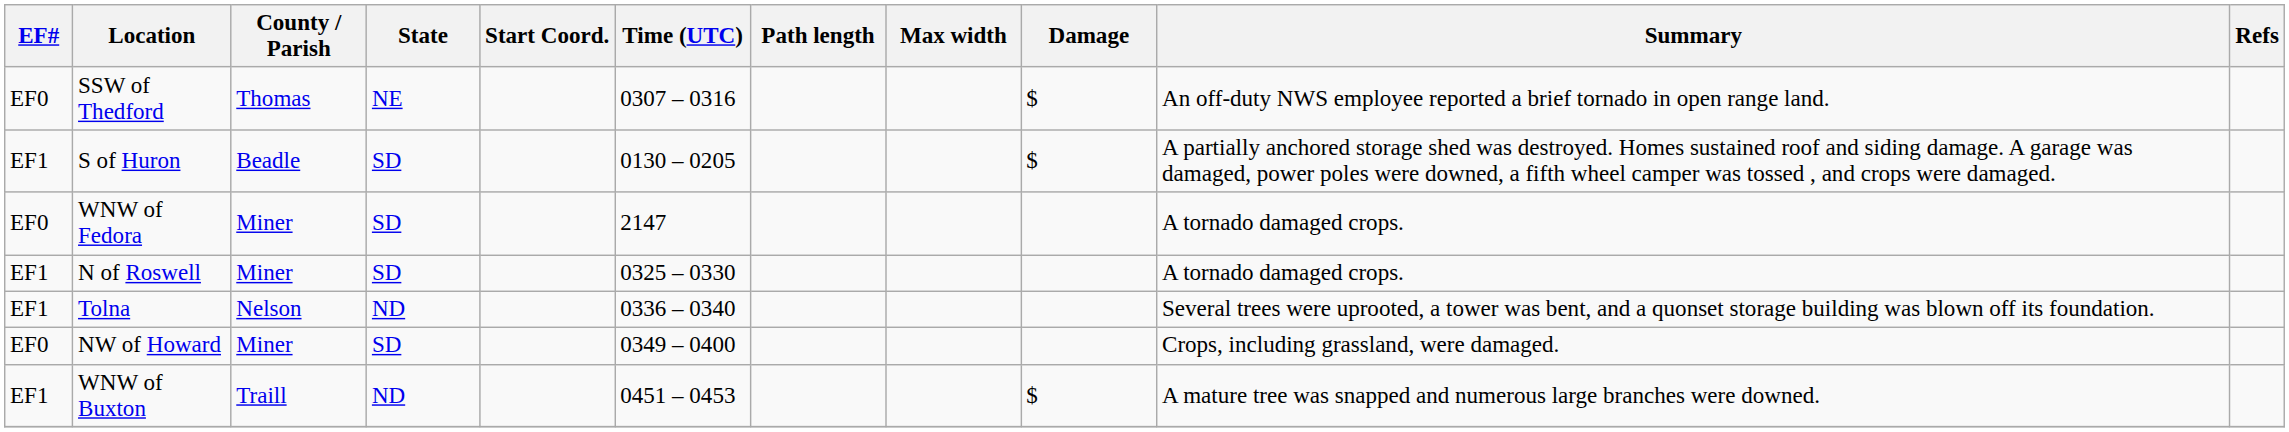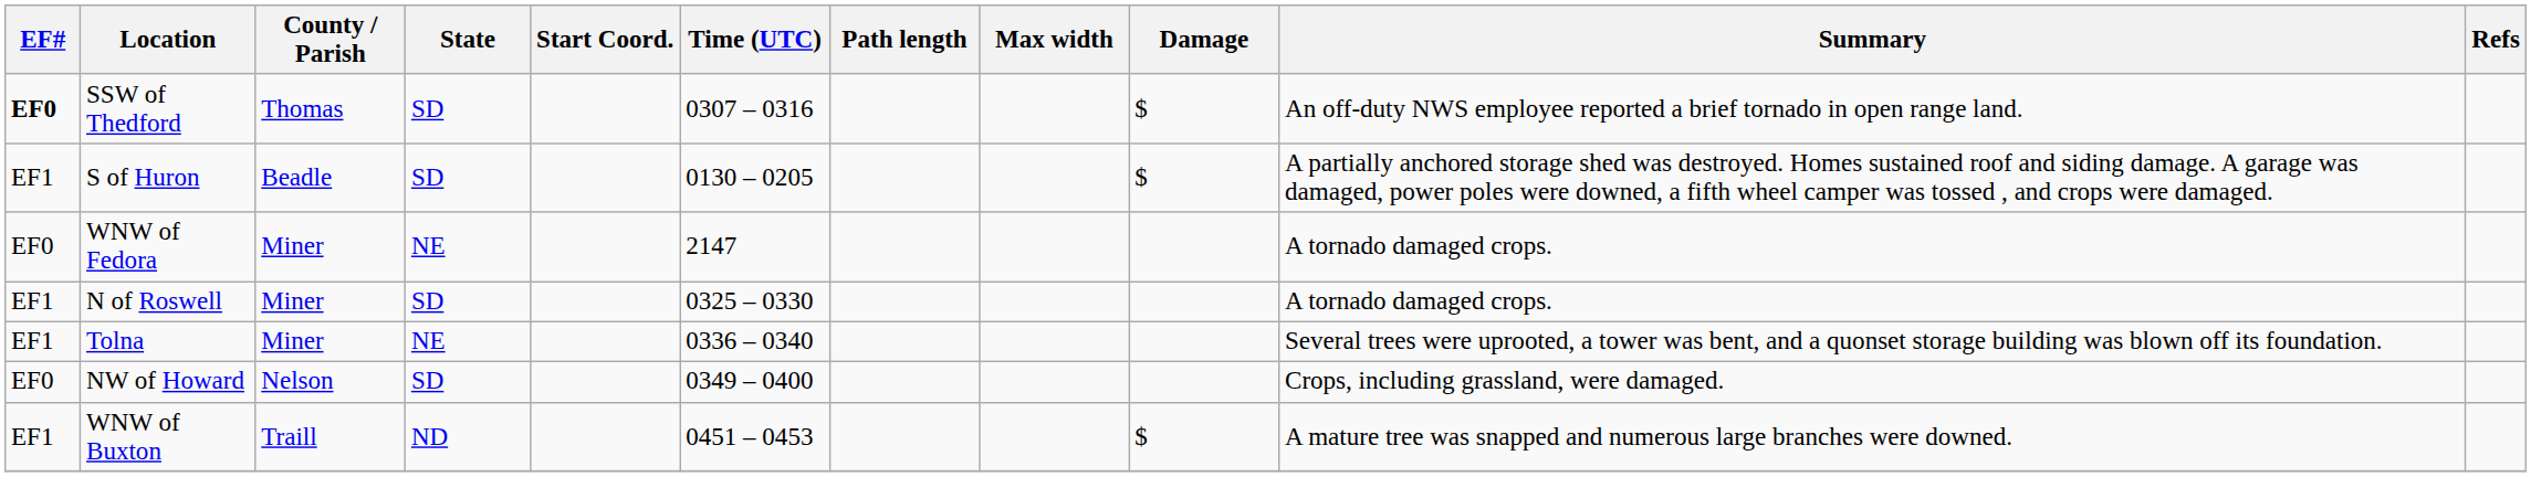 <table class="wikitable sortable" style="width:100%;">
 <tr>
 <th scope="col" width="3%" align="center"><a href='#'>EF#</a></th>
 <th scope="col" width="7%" align="center" class="unsortable">Location</th>
 <th scope="col" width="6%" align="center" class="unsortable">County / Parish</th>
 <th scope="col" width="5%" align="center">State</th>
 <th scope="col" width="6%" align="center">Start Coord.</th>
 <th scope="col" width="6%" align="center">Time (<a href='#'>UTC</a>)</th>
 <th scope="col" width="6%" align="center">Path length</th>
 <th scope="col" width="6%" align="center">Max width</th>
 <th scope="col" width="6%" align="center">Damage</th>
 <th scope="col" width="48%" class="unsortable" align="center">Summary</th>
 <th scope="col" width="48%" class="unsortable" align="center">Refs</th>
 </tr>
 <tr>
-<td>EF0</td>
+<td><strong>EF0</strong></td>
 <td>SSW of <a href='#'>Thedford</a></td>
 <td><a href='#'>Thomas</a></td>
-<td><a href='#'>NE</a></td>
+<td><a href='#'>SD</a></td>
 <td></td>
 <td>0307 – 0316</td>
 <td></td>
 <td></td>
 <td>$</td>
 <td>An off-duty NWS employee reported a brief tornado in open range land.</td>
 <td></td>
 </tr>
 <tr>
 <td>EF1</td>
 <td>S of <a href='#'>Huron</a></td>
 <td><a href='#'>Beadle</a></td>
 <td><a href='#'>SD</a></td>
 <td></td>
 <td>0130 – 0205</td>
 <td></td>
 <td></td>
 <td>$</td>
 <td>A partially anchored storage shed was destroyed. Homes sustained roof and siding damage. A garage was damaged, power poles were downed, a fifth wheel camper was tossed , and crops were damaged.</td>
 <td></td>
 </tr>
 <tr>
 <td>EF0</td>
 <td>WNW of <a href='#'>Fedora</a></td>
 <td><a href='#'>Miner</a></td>
-<td><a href='#'>SD</a></td>
+<td><a href='#'>NE</a></td>
 <td></td>
 <td>2147</td>
 <td></td>
 <td></td>
 <td></td>
 <td>A tornado damaged crops.</td>
 <td></td>
 </tr>
 <tr>
 <td>EF1</td>
 <td>N of <a href='#'>Roswell</a></td>
 <td><a href='#'>Miner</a></td>
 <td><a href='#'>SD</a></td>
 <td></td>
 <td>0325 – 0330</td>
 <td></td>
 <td></td>
 <td></td>
 <td>A tornado damaged crops.</td>
 <td></td>
 </tr>
 <tr>
 <td>EF1</td>
 <td><a href='#'>Tolna</a></td>
-<td><a href='#'>Nelson</a></td>
-<td><a href='#'>ND</a></td>
+<td><a href='#'>Miner</a></td>
+<td><a href='#'>NE</a></td>
 <td></td>
 <td>0336 – 0340</td>
 <td></td>
 <td></td>
 <td></td>
 <td>Several trees were uprooted, a tower was bent, and a quonset storage building was blown off its foundation.</td>
 <td></td>
 </tr>
 <tr>
 <td>EF0</td>
 <td>NW of <a href='#'>Howard</a></td>
-<td><a href='#'>Miner</a></td>
+<td><a href='#'>Nelson</a></td>
 <td><a href='#'>SD</a></td>
 <td></td>
 <td>0349 – 0400</td>
 <td></td>
 <td></td>
 <td></td>
 <td>Crops, including grassland, were damaged.</td>
 <td></td>
 </tr>
 <tr>
 <td>EF1</td>
 <td>WNW of <a href='#'>Buxton</a></td>
 <td><a href='#'>Traill</a></td>
 <td><a href='#'>ND</a></td>
 <td></td>
 <td>0451 – 0453</td>
 <td></td>
 <td></td>
 <td>$</td>
 <td>A mature tree was snapped and numerous large branches were downed.</td>
 <td></td>
 </tr>
 <tr>
 </tr>
 </table>
